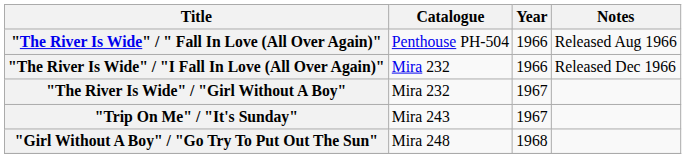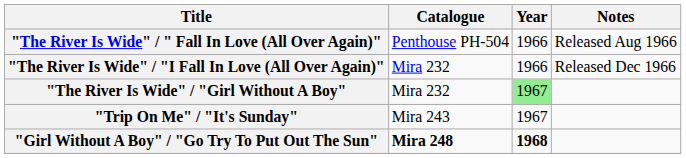 <table class="wikitable plainrowheaders sortable">
 <tr>
 <th scope="col">Title</th>
 <th scope="col">Catalogue</th>
 <th scope="col">Year</th>
 <th scope="col" class="unsortable">Notes</th>
 </tr>
 <tr>
 <th scope="row">"<a href='#'>The River Is Wide</a>" / " Fall In Love (All Over Again)"</th>
 <td><a href='#'>Penthouse</a> PH-504</td>
 <td>1966</td>
 <td>Released Aug 1966</td>
 </tr>
 <tr>
 <th scope="row">"The River Is Wide" / "I Fall In Love (All Over Again)"</th>
 <td><a href='#'>Mira</a> 232</td>
 <td>1966</td>
 <td>Released Dec 1966</td>
 </tr>
 <tr>
 <th scope="row">"The River Is Wide" / "Girl Without A Boy"</th>
 <td>Mira 232</td>
-<td>1967</td>
+<td style="background: lightgreen;">1967</td>
 <td></td>
 </tr>
 <tr>
 <th scope="row">"Trip On Me" / "It's Sunday"</th>
 <td>Mira 243</td>
 <td>1967</td>
 <td></td>
 </tr>
 <tr>
 <th scope="row">"Girl Without A Boy" / "Go Try To Put Out The Sun"</th>
-<td>Mira 248</td>
-<td>1968</td>
+<td><strong>Mira 248</strong></td>
+<td><strong>1968</strong></td>
 <td></td>
 </tr>
 <tr>
 </tr>
 </table>
